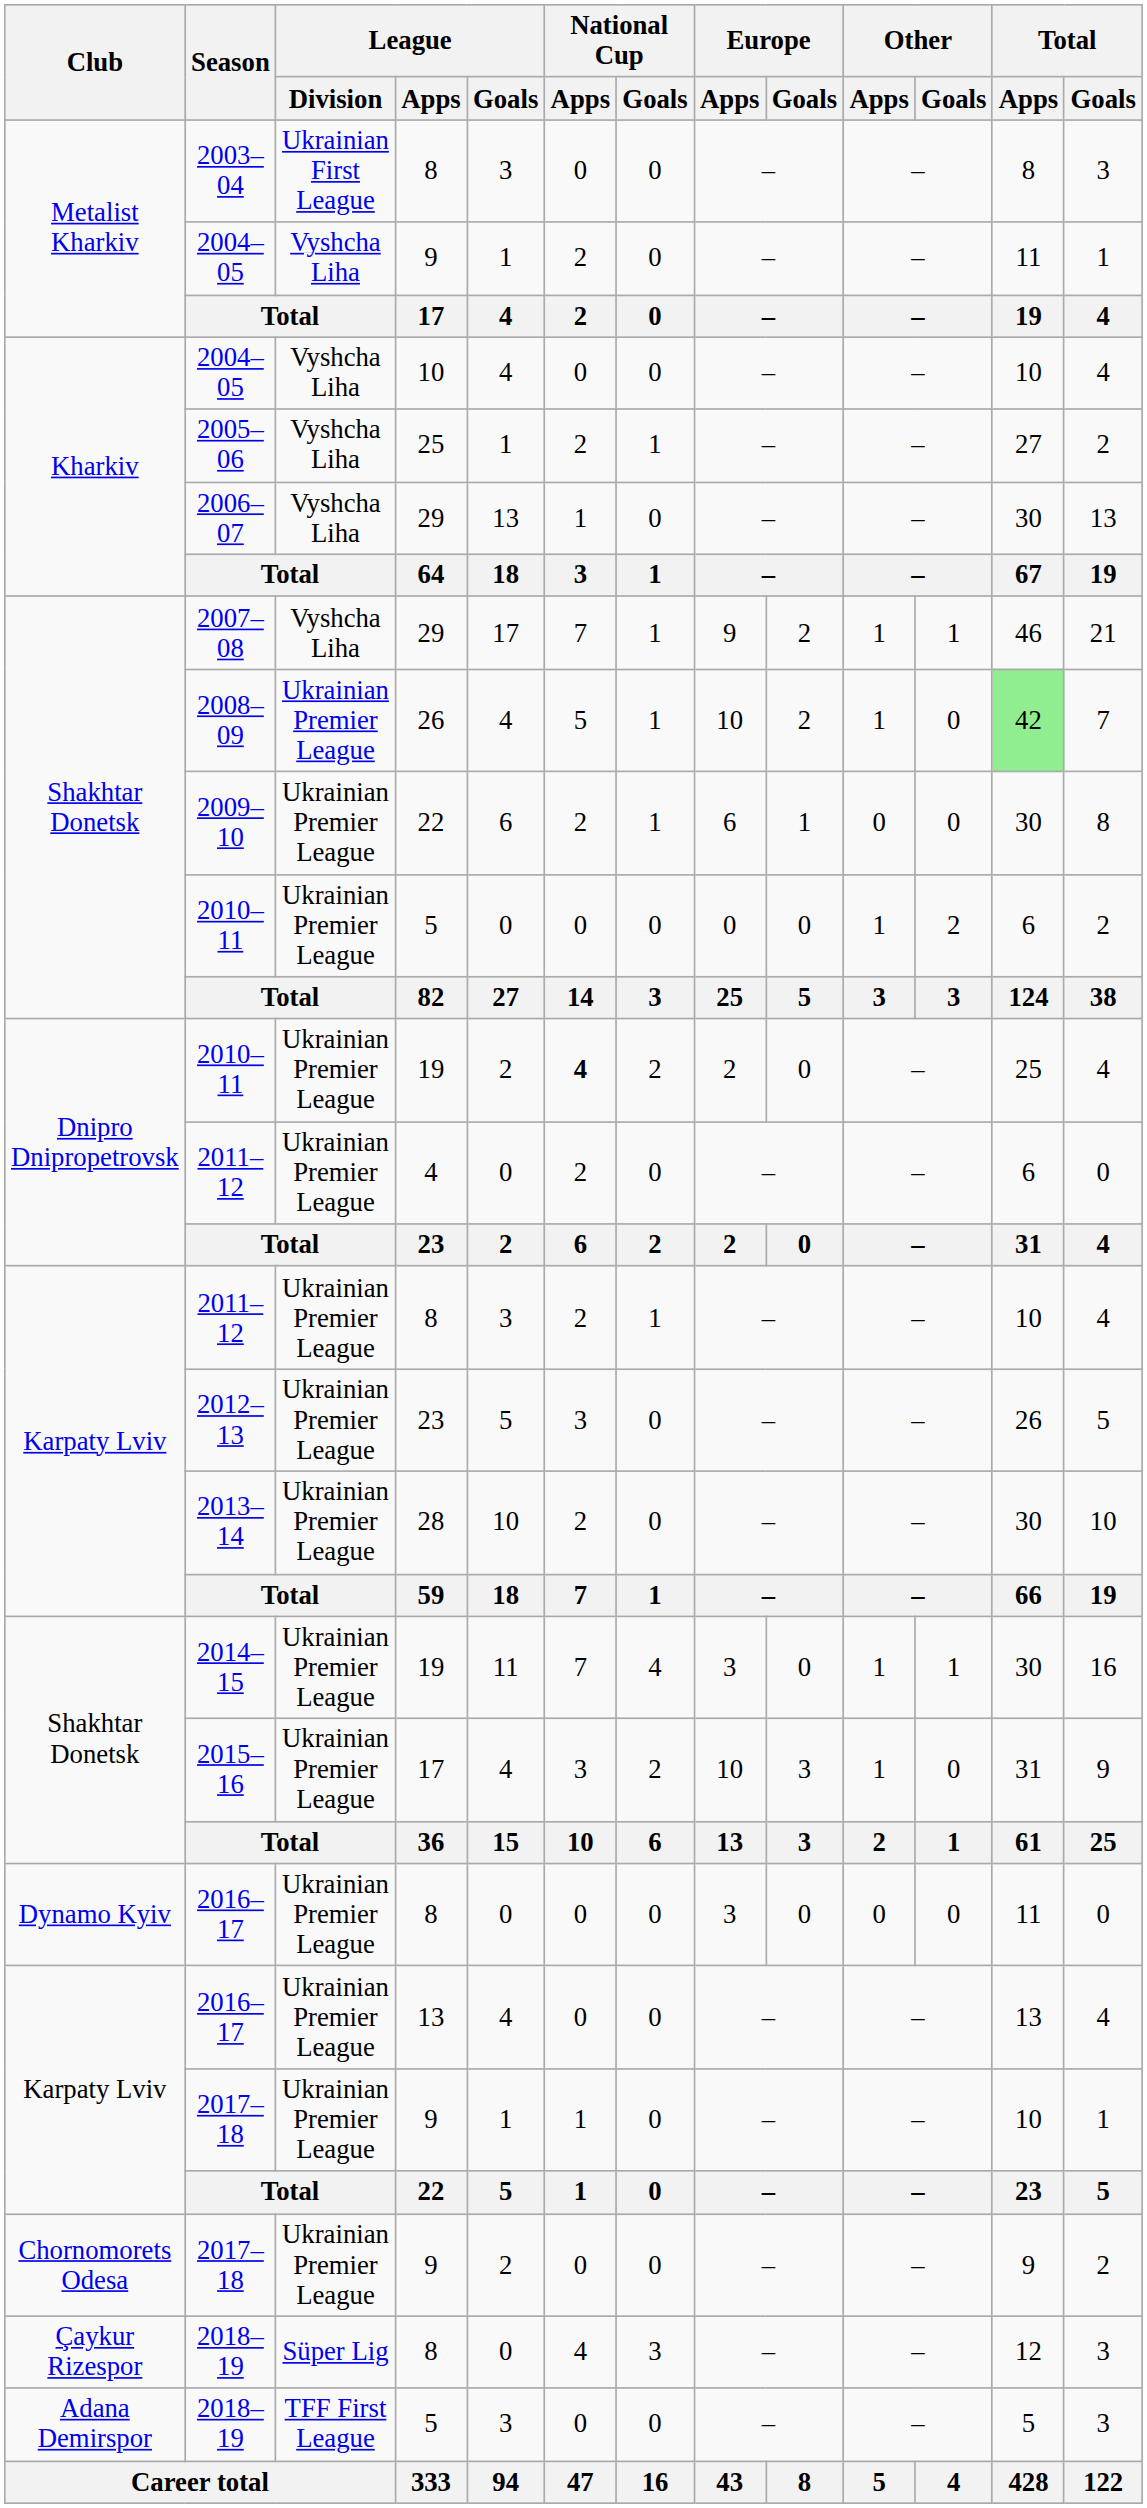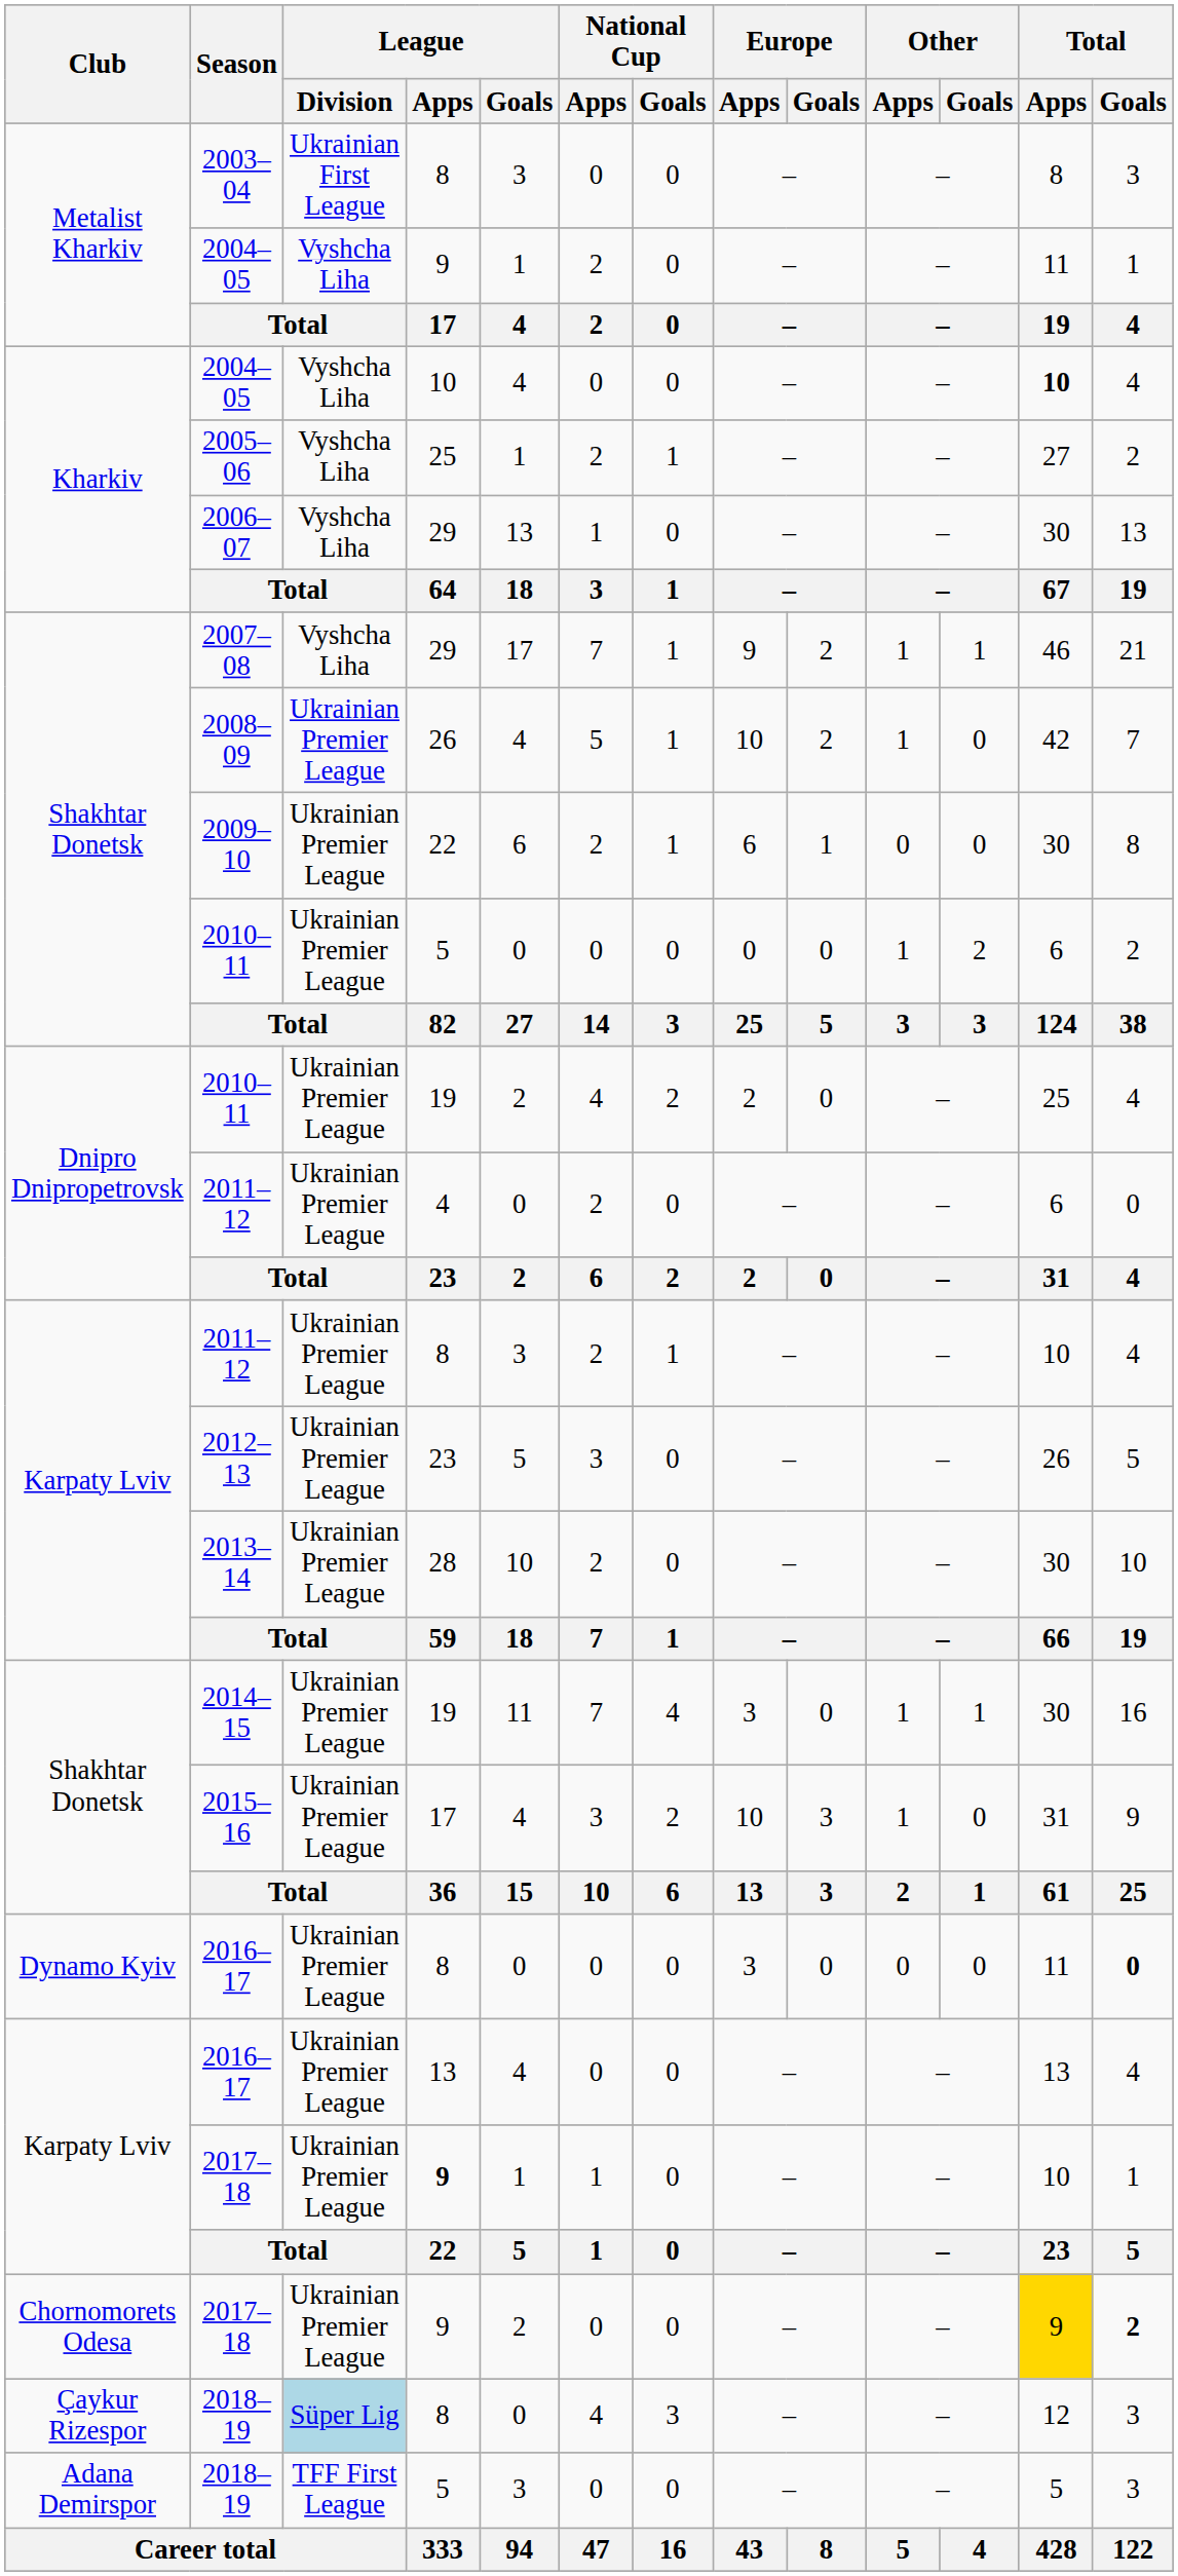 <table class="wikitable" style="text-align: center;">
 <tr>
 <th rowspan="2" width="100">Club</th>
 <th rowspan="2">Season</th>
 <th colspan="3">League</th>
 <th colspan="2">National Cup</th>
 <th colspan="2">Europe</th>
 <th colspan="2">Other</th>
 <th colspan="2">Total</th>
 </tr>
 <tr>
 <th>Division</th>
 <th>Apps</th>
 <th>Goals</th>
 <th>Apps</th>
 <th>Goals</th>
 <th>Apps</th>
 <th>Goals</th>
 <th>Apps</th>
 <th>Goals</th>
 <th>Apps</th>
 <th>Goals</th>
 </tr>
 <tr>
 <td rowspan="3"><a href='#'>Metalist Kharkiv</a></td>
 <td><a href='#'>2003–04</a></td>
 <td><a href='#'>Ukrainian First League</a></td>
 <td>8</td>
 <td>3</td>
 <td>0</td>
 <td>0</td>
 <td colspan="2">–</td>
 <td colspan="2">–</td>
 <td>8</td>
 <td>3</td>
 </tr>
 <tr>
 <td><a href='#'>2004–05</a></td>
 <td><a href='#'>Vyshcha Liha</a></td>
 <td>9</td>
 <td>1</td>
 <td>2</td>
 <td>0</td>
 <td colspan="2">–</td>
 <td colspan="2">–</td>
 <td>11</td>
 <td>1</td>
 </tr>
 <tr>
 <th colspan="2">Total</th>
 <th>17</th>
 <th>4</th>
 <th>2</th>
 <th>0</th>
 <th colspan="2">–</th>
 <th colspan="2">–</th>
 <th>19</th>
 <th>4</th>
 </tr>
 <tr>
 <td rowspan="4"><a href='#'>Kharkiv</a></td>
 <td><a href='#'>2004–05</a></td>
 <td>Vyshcha Liha</td>
 <td>10</td>
 <td>4</td>
 <td>0</td>
 <td>0</td>
 <td colspan="2">–</td>
 <td colspan="2">–</td>
-<td>10</td>
+<td><strong>10</strong></td>
 <td>4</td>
 </tr>
 <tr>
 <td><a href='#'>2005–06</a></td>
 <td>Vyshcha Liha</td>
 <td>25</td>
 <td>1</td>
 <td>2</td>
 <td>1</td>
 <td colspan="2">–</td>
 <td colspan="2">–</td>
 <td>27</td>
 <td>2</td>
 </tr>
 <tr>
 <td><a href='#'>2006–07</a></td>
 <td>Vyshcha Liha</td>
 <td>29</td>
 <td>13</td>
 <td>1</td>
 <td>0</td>
 <td colspan="2">–</td>
 <td colspan="2">–</td>
 <td>30</td>
 <td>13</td>
 </tr>
 <tr>
 <th colspan="2">Total</th>
 <th>64</th>
 <th>18</th>
 <th>3</th>
 <th>1</th>
 <th colspan="2">–</th>
 <th colspan="2">–</th>
 <th>67</th>
 <th>19</th>
 </tr>
 <tr>
 <td rowspan="5"><a href='#'>Shakhtar Donetsk</a></td>
 <td><a href='#'>2007–08</a></td>
 <td>Vyshcha Liha</td>
 <td>29</td>
 <td>17</td>
 <td>7</td>
 <td>1</td>
 <td>9</td>
 <td>2</td>
 <td>1</td>
 <td>1</td>
 <td>46</td>
 <td>21</td>
 </tr>
 <tr>
 <td><a href='#'>2008–09</a></td>
 <td><a href='#'>Ukrainian Premier League</a></td>
 <td>26</td>
 <td>4</td>
 <td>5</td>
 <td>1</td>
 <td>10</td>
 <td>2</td>
 <td>1</td>
 <td>0</td>
-<td style="background: lightgreen;">42</td>
+<td>42</td>
 <td>7</td>
 </tr>
 <tr>
 <td><a href='#'>2009–10</a></td>
 <td>Ukrainian Premier League</td>
 <td>22</td>
 <td>6</td>
 <td>2</td>
 <td>1</td>
 <td>6</td>
 <td>1</td>
 <td>0</td>
 <td>0</td>
 <td>30</td>
 <td>8</td>
 </tr>
 <tr>
 <td><a href='#'>2010–11</a></td>
 <td>Ukrainian Premier League</td>
 <td>5</td>
 <td>0</td>
 <td>0</td>
 <td>0</td>
 <td>0</td>
 <td>0</td>
 <td>1</td>
 <td>2</td>
 <td>6</td>
 <td>2</td>
 </tr>
 <tr>
 <th colspan="2">Total</th>
 <th>82</th>
 <th>27</th>
 <th>14</th>
 <th>3</th>
 <th>25</th>
 <th>5</th>
 <th>3</th>
 <th>3</th>
 <th>124</th>
 <th>38</th>
 </tr>
 <tr>
 <td rowspan="3"><a href='#'>Dnipro Dnipropetrovsk</a></td>
 <td><a href='#'>2010–11</a></td>
 <td>Ukrainian Premier League</td>
 <td>19</td>
 <td>2</td>
-<td><strong>4</strong></td>
+<td>4</td>
 <td>2</td>
 <td>2</td>
 <td>0</td>
 <td colspan="2">–</td>
 <td>25</td>
 <td>4</td>
 </tr>
 <tr>
 <td><a href='#'>2011–12</a></td>
 <td>Ukrainian Premier League</td>
 <td>4</td>
 <td>0</td>
 <td>2</td>
 <td>0</td>
 <td colspan="2">–</td>
 <td colspan="2">–</td>
 <td>6</td>
 <td>0</td>
 </tr>
 <tr>
 <th colspan="2">Total</th>
 <th>23</th>
 <th>2</th>
 <th>6</th>
 <th>2</th>
 <th>2</th>
 <th>0</th>
 <th colspan="2">–</th>
 <th>31</th>
 <th>4</th>
 </tr>
 <tr>
 <td rowspan="4"><a href='#'>Karpaty Lviv</a></td>
 <td><a href='#'>2011–12</a></td>
 <td>Ukrainian Premier League</td>
 <td>8</td>
 <td>3</td>
 <td>2</td>
 <td>1</td>
 <td colspan="2">–</td>
 <td colspan="2">–</td>
 <td>10</td>
 <td>4</td>
 </tr>
 <tr>
 <td><a href='#'>2012–13</a></td>
 <td>Ukrainian Premier League</td>
 <td>23</td>
 <td>5</td>
 <td>3</td>
 <td>0</td>
 <td colspan="2">–</td>
 <td colspan="2">–</td>
 <td>26</td>
 <td>5</td>
 </tr>
 <tr>
 <td><a href='#'>2013–14</a></td>
 <td>Ukrainian Premier League</td>
 <td>28</td>
 <td>10</td>
 <td>2</td>
 <td>0</td>
 <td colspan="2">–</td>
 <td colspan="2">–</td>
 <td>30</td>
 <td>10</td>
 </tr>
 <tr>
 <th colspan="2">Total</th>
 <th>59</th>
 <th>18</th>
 <th>7</th>
 <th>1</th>
 <th colspan="2">–</th>
 <th colspan="2">–</th>
 <th>66</th>
 <th>19</th>
 </tr>
 <tr>
 <td rowspan="3">Shakhtar Donetsk</td>
 <td><a href='#'>2014–15</a></td>
 <td>Ukrainian Premier League</td>
 <td>19</td>
 <td>11</td>
 <td>7</td>
 <td>4</td>
 <td>3</td>
 <td>0</td>
 <td>1</td>
 <td>1</td>
 <td>30</td>
 <td>16</td>
 </tr>
 <tr>
 <td><a href='#'>2015–16</a></td>
 <td>Ukrainian Premier League</td>
 <td>17</td>
 <td>4</td>
 <td>3</td>
 <td>2</td>
 <td 0>10</td>
 <td>3</td>
 <td>1</td>
 <td>0</td>
 <td>31</td>
 <td>9</td>
 </tr>
 <tr>
 <th colspan="2">Total</th>
 <th>36</th>
 <th>15</th>
 <th>10</th>
 <th>6</th>
 <th>13</th>
 <th>3</th>
 <th>2</th>
 <th>1</th>
 <th>61</th>
 <th>25</th>
 </tr>
 <tr>
 <td><a href='#'>Dynamo Kyiv</a></td>
 <td><a href='#'>2016–17</a></td>
 <td>Ukrainian Premier League</td>
 <td>8</td>
 <td>0</td>
 <td>0</td>
 <td>0</td>
 <td>3</td>
 <td>0</td>
 <td>0</td>
 <td>0</td>
 <td>11</td>
-<td>0</td>
+<td><strong>0</strong></td>
 </tr>
 <tr>
 <td rowspan="3">Karpaty Lviv</td>
 <td><a href='#'>2016–17</a></td>
 <td>Ukrainian Premier League</td>
 <td>13</td>
 <td>4</td>
 <td>0</td>
 <td>0</td>
 <td colspan="2">–</td>
 <td colspan="2">–</td>
 <td>13</td>
 <td>4</td>
 </tr>
 <tr>
 <td><a href='#'>2017–18</a></td>
 <td>Ukrainian Premier League</td>
-<td>9</td>
+<td><strong>9</strong></td>
 <td>1</td>
 <td>1</td>
 <td>0</td>
 <td colspan="2">–</td>
 <td colspan="2">–</td>
 <td>10</td>
 <td>1</td>
 </tr>
 <tr>
 <th colspan="2">Total</th>
 <th>22</th>
 <th>5</th>
 <th>1</th>
 <th>0</th>
 <th colspan="2">–</th>
 <th colspan="2">–</th>
 <th>23</th>
 <th>5</th>
 </tr>
 <tr>
 <td><a href='#'>Chornomorets Odesa</a></td>
 <td><a href='#'>2017–18</a></td>
 <td>Ukrainian Premier League</td>
 <td>9</td>
 <td>2</td>
 <td>0</td>
 <td>0</td>
 <td colspan="2">–</td>
 <td colspan="2">–</td>
-<td>9</td>
-<td>2</td>
+<td style="background: gold;">9</td>
+<td><strong>2</strong></td>
 </tr>
 <tr>
 <td><a href='#'>Çaykur Rizespor</a></td>
 <td><a href='#'>2018–19</a></td>
-<td><a href='#'>Süper Lig</a></td>
+<td style="background: lightblue;"><a href='#'>Süper Lig</a></td>
 <td>8</td>
 <td>0</td>
 <td>4</td>
 <td>3</td>
 <td colspan="2">–</td>
 <td colspan="2">–</td>
 <td>12</td>
 <td>3</td>
 </tr>
 <tr>
 <td><a href='#'>Adana Demirspor</a></td>
 <td><a href='#'>2018–19</a></td>
 <td><a href='#'>TFF First League</a></td>
 <td>5</td>
 <td>3</td>
 <td>0</td>
 <td>0</td>
 <td colspan="2">–</td>
 <td colspan="2">–</td>
 <td>5</td>
 <td>3</td>
 </tr>
 <tr>
 <th colspan="3">Career total</th>
 <th>333</th>
 <th>94</th>
 <th>47</th>
 <th>16</th>
 <th>43</th>
 <th>8</th>
 <th>5</th>
 <th>4</th>
 <th>428</th>
 <th>122</th>
 </tr>
 </table>
